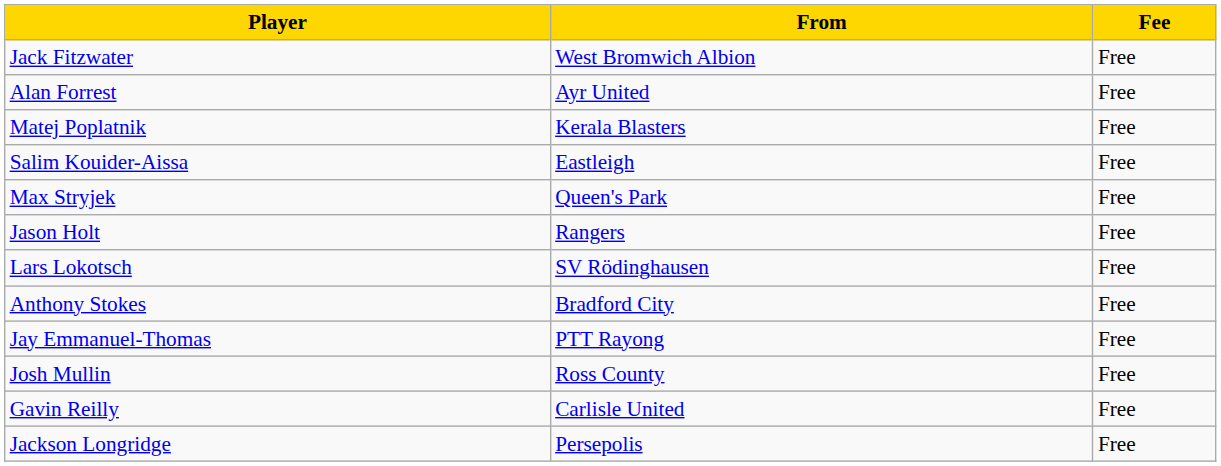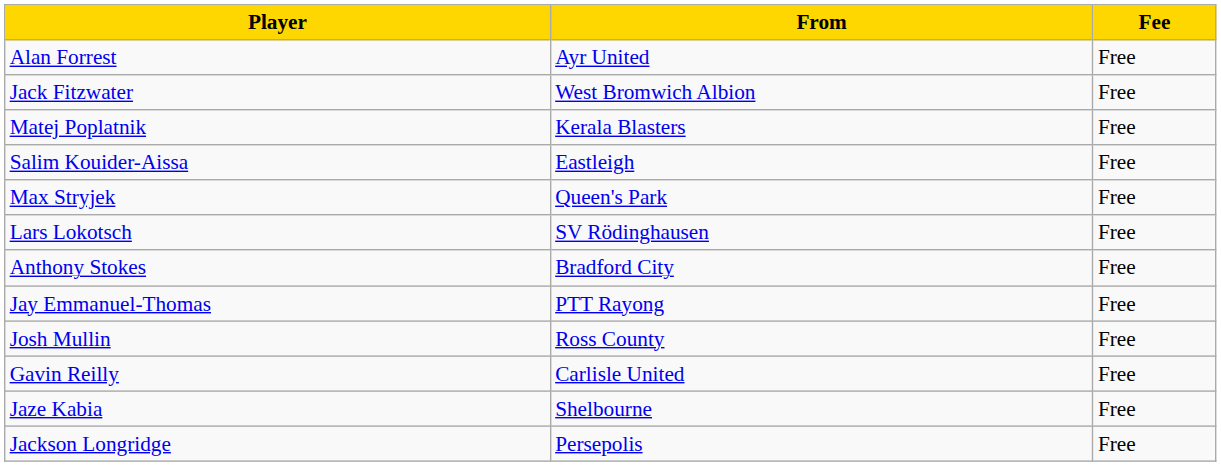 <table class="wikitable" style="text-align:left; font-size:95%;width:98%;">
 <tr>
 <th style="background:gold; color:black;”">Player</th>
 <th style="background:gold; color:black;”">From</th>
 <th style="background:gold; color:black;”">Fee</th>
 </tr>
 <tr>
-<td> <a href='#'>Jack Fitzwater</a></td>
-<td> <a href='#'>West Bromwich Albion</a></td>
+<td> <a href='#'>Alan Forrest</a></td>
+<td> <a href='#'>Ayr United</a></td>
 <td>Free</td>
 </tr>
 <tr>
-<td> <a href='#'>Alan Forrest</a></td>
-<td> <a href='#'>Ayr United</a></td>
+<td> <a href='#'>Jack Fitzwater</a></td>
+<td> <a href='#'>West Bromwich Albion</a></td>
 <td>Free</td>
 </tr>
 <tr>
 <td> <a href='#'>Matej Poplatnik</a></td>
 <td> <a href='#'>Kerala Blasters</a></td>
 <td>Free</td>
 </tr>
 <tr>
 <td> <a href='#'>Salim Kouider-Aissa</a></td>
 <td> <a href='#'>Eastleigh</a></td>
 <td>Free</td>
 </tr>
 <tr>
 <td> <a href='#'>Max Stryjek</a></td>
 <td> <a href='#'>Queen's Park</a></td>
-<td>Free</td>
-</tr>
-<tr>
-<td> <a href='#'>Jason Holt</a></td>
-<td> <a href='#'>Rangers</a></td>
 <td>Free</td>
 </tr>
 <tr>
 <td> <a href='#'>Lars Lokotsch</a></td>
 <td> <a href='#'>SV Rödinghausen</a></td>
 <td>Free</td>
 </tr>
 <tr>
 <td> <a href='#'>Anthony Stokes</a></td>
 <td> <a href='#'>Bradford City</a></td>
 <td>Free</td>
 </tr>
 <tr>
 <td> <a href='#'>Jay Emmanuel-Thomas</a></td>
 <td> <a href='#'>PTT Rayong</a></td>
 <td>Free</td>
 </tr>
 <tr>
 <td> <a href='#'>Josh Mullin</a></td>
 <td> <a href='#'>Ross County</a></td>
 <td>Free</td>
 </tr>
 <tr>
 <td> <a href='#'>Gavin Reilly</a></td>
 <td> <a href='#'>Carlisle United</a></td>
 <td>Free</td>
 </tr>
 <tr>
+<td> <a href='#'>Jaze Kabia</a></td>
+<td> <a href='#'>Shelbourne</a></td>
+<td>Free</td>
+</tr>
+<tr>
 <td> <a href='#'>Jackson Longridge</a></td>
 <td> <a href='#'>Persepolis</a></td>
 <td>Free</td>
 </tr>
 </table>
